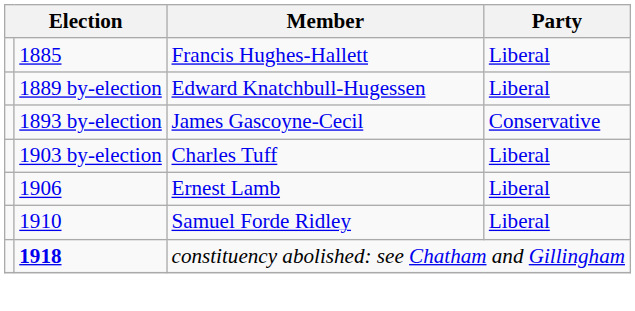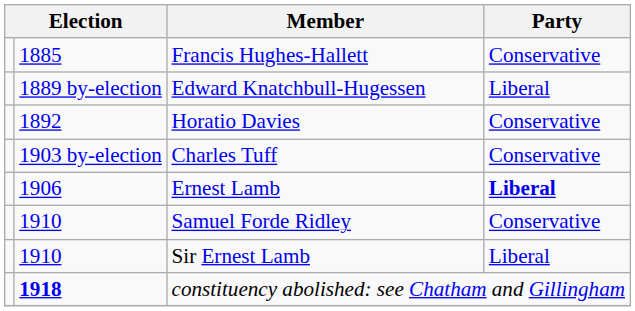 <table class="wikitable">
 <tr>
 <th colspan="2">Election</th>
 <th>Member</th>
 <th>Party</th>
 </tr>
 <tr>
 <td style="color:inherit;background-color: "></td>
 <td><a href='#'>1885</a></td>
 <td><a href='#'>Francis Hughes-Hallett</a></td>
-<td><a href='#'>Liberal</a></td>
+<td><a href='#'>Conservative</a></td>
 </tr>
 <tr>
 <td style="color:inherit;background-color: "></td>
 <td><a href='#'>1889 by-election</a></td>
 <td><a href='#'>Edward Knatchbull-Hugessen</a></td>
 <td><a href='#'>Liberal</a></td>
 </tr>
 <tr>
 <td style="color:inherit;background-color: "></td>
-<td><a href='#'>1893 by-election</a></td>
-<td><a href='#'>James Gascoyne-Cecil</a></td>
+<td><a href='#'>1892</a></td>
+<td><a href='#'>Horatio Davies</a></td>
 <td><a href='#'>Conservative</a></td>
 </tr>
 <tr>
 <td style="color:inherit;background-color: "></td>
 <td><a href='#'>1903 by-election</a></td>
 <td><a href='#'>Charles Tuff</a></td>
-<td><a href='#'>Liberal</a></td>
+<td><a href='#'>Conservative</a></td>
 </tr>
 <tr>
 <td style="color:inherit;background-color: "></td>
 <td><a href='#'>1906</a></td>
 <td><a href='#'>Ernest Lamb</a></td>
-<td><a href='#'>Liberal</a></td>
+<td><strong><a href='#'>Liberal</a></strong></td>
 </tr>
 <tr>
 <td style="color:inherit;background-color: "></td>
 <td><a href='#'>1910</a></td>
 <td><a href='#'>Samuel Forde Ridley</a></td>
+<td><a href='#'>Conservative</a></td>
+</tr>
+<tr>
+<td style="color:inherit;background-color: "></td>
+<td><a href='#'>1910</a></td>
+<td>Sir <a href='#'>Ernest Lamb</a></td>
 <td><a href='#'>Liberal</a></td>
 </tr>
 <tr>
 <td></td>
 <td><strong><a href='#'>1918</a></strong></td>
 <td colspan="2"><em>constituency abolished: see <a href='#'>Chatham</a> and <a href='#'>Gillingham</a></em></td>
 </tr>
 <tr>
 </tr>
 </table>
